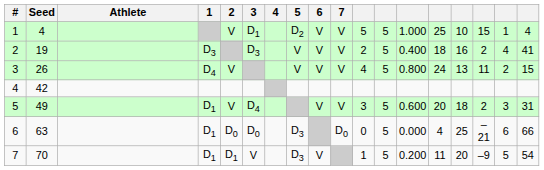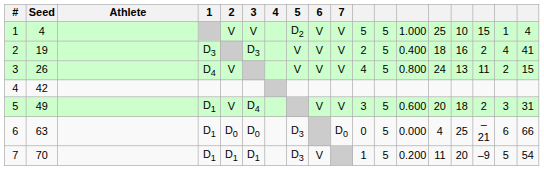 <table class="wikitable" style="text-align:center">
 <tr>
 <th width="25">#</th>
 <th width="25">Seed</th>
 <th width="200">Athlete</th>
 <th width="25">1</th>
 <th width="25">2</th>
 <th width="25">3</th>
 <th width="25">4</th>
 <th width="25">5</th>
 <th width="25">6</th>
 <th width="25">7</th>
 <th width="25"></th>
 <th width="25"></th>
 <th width="40"></th>
 <th width="25"></th>
 <th width="25"></th>
 <th width="25"></th>
 <th width="25"></th>
 <th width="25"></th>
 </tr>
 <tr bgcolor="ccffcc">
 <td>1</td>
 <td>4</td>
 <td align=left></td>
 <td bgcolor="#cccccc"></td>
 <td>V</td>
-<td>D<sub>1</sub></td>
+<td>V</td>
 <td></td>
 <td>D<sub>2</sub></td>
 <td>V</td>
 <td>V</td>
 <td>5</td>
 <td>5</td>
 <td>1.000</td>
 <td>25</td>
 <td>10</td>
 <td>15</td>
 <td>1</td>
 <td>4</td>
 </tr>
 <tr bgcolor="ccffcc">
 <td>2</td>
 <td>19</td>
 <td align=left></td>
 <td>D<sub>3</sub></td>
 <td bgcolor="#cccccc"></td>
 <td>D<sub>3</sub></td>
 <td></td>
 <td>V</td>
 <td>V</td>
 <td>V</td>
 <td>2</td>
 <td>5</td>
 <td>0.400</td>
 <td>18</td>
 <td>16</td>
 <td>2</td>
 <td>4</td>
 <td>41</td>
 </tr>
 <tr bgcolor="ccffcc">
 <td>3</td>
 <td>26</td>
 <td align=left></td>
 <td>D<sub>4</sub></td>
 <td>V</td>
 <td bgcolor="#cccccc"></td>
 <td></td>
 <td>V</td>
 <td>V</td>
 <td>V</td>
 <td>4</td>
 <td>5</td>
 <td>0.800</td>
 <td>24</td>
 <td>13</td>
 <td>11</td>
 <td>2</td>
 <td>15</td>
 </tr>
 <tr>
 <td>4</td>
 <td>42</td>
 <td align=left></td>
 <td></td>
 <td></td>
 <td></td>
 <td bgcolor="#cccccc"></td>
 <td></td>
 <td></td>
 <td></td>
 <td></td>
 <td></td>
 <td></td>
 <td></td>
 <td></td>
 <td></td>
 <td></td>
 <td></td>
 </tr>
 <tr bgcolor="ccffcc">
 <td>5</td>
 <td>49</td>
 <td align=left></td>
 <td>D<sub>1</sub></td>
 <td>V</td>
 <td>D<sub>4</sub></td>
 <td></td>
 <td bgcolor="#cccccc"></td>
 <td>V</td>
 <td>V</td>
 <td>3</td>
 <td>5</td>
 <td>0.600</td>
 <td>20</td>
 <td>18</td>
 <td>2</td>
 <td>3</td>
 <td>31</td>
 </tr>
 <tr>
 <td>6</td>
 <td>63</td>
 <td align=left></td>
 <td>D<sub>1</sub></td>
 <td>D<sub>0</sub></td>
 <td>D<sub>0</sub></td>
 <td></td>
 <td>D<sub>3</sub></td>
 <td bgcolor="#cccccc"></td>
 <td>D<sub>0</sub></td>
 <td>0</td>
 <td>5</td>
 <td>0.000</td>
 <td>4</td>
 <td>25</td>
 <td>–21</td>
 <td>6</td>
 <td>66</td>
 </tr>
 <tr>
 <td>7</td>
 <td>70</td>
 <td align=left></td>
 <td>D<sub>1</sub></td>
 <td>D<sub>1</sub></td>
-<td>V</td>
+<td>D<sub>1</sub></td>
 <td></td>
 <td>D<sub>3</sub></td>
 <td>V</td>
 <td bgcolor="#cccccc"></td>
 <td>1</td>
 <td>5</td>
 <td>0.200</td>
 <td>11</td>
 <td>20</td>
 <td>–9</td>
 <td>5</td>
 <td>54</td>
 </tr>
 </table>
